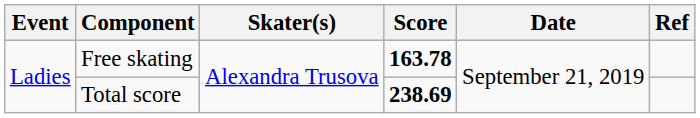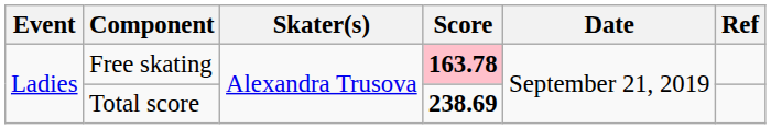 <table class="wikitable sortable">
 <tr>
 <th>Event</th>
 <th class="unsortable">Component</th>
 <th>Skater(s)</th>
 <th>Score</th>
 <th>Date</th>
 <th class="unsortable">Ref</th>
 </tr>
 <tr>
 <td rowspan=2><a href='#'>Ladies</a></td>
 <td>Free skating</td>
 <td rowspan=2> <a href='#'>Alexandra Trusova</a></td>
-<td><strong>163.78</strong></td>
+<td style="background: pink;"><strong>163.78</strong></td>
 <td rowspan=2>September 21, 2019</td>
 <td></td>
 </tr>
 <tr>
 <td>Total score</td>
 <td><strong>238.69</strong></td>
 <td></td>
 </tr>
 </table>
